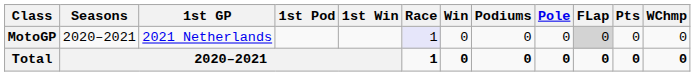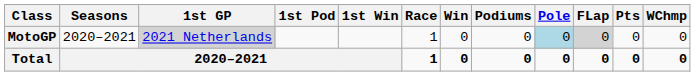 <table class="wikitable" style="font-size:100%; text-align:right;">
 <tr>
 <th>Class</th>
 <th>Seasons</th>
 <th>1st GP</th>
 <th>1st Pod</th>
 <th>1st Win</th>
 <th>Race</th>
 <th>Win</th>
 <th>Podiums</th>
 <th><a href='#'>Pole</a></th>
 <th>FLap</th>
 <th>Pts</th>
 <th>WChmp</th>
 </tr>
 <tr>
 <th>MotoGP</th>
 <td>2020–2021</td>
-<td style="text-align:left;"><a href='#'>2021 Netherlands</a></td>
+<td style="background: lightgrey; text-align:left;"><a href='#'>2021 Netherlands</a></td>
 <td></td>
 <td></td>
-<td style="background: lavender;">1</td>
+<td>1</td>
 <td>0</td>
 <td>0</td>
-<td>0</td>
+<td style="background: lightblue;">0</td>
 <td style="background: lightgrey;">0</td>
 <td>0</td>
 <td>0</td>
 </tr>
 <tr>
 <th>Total</th>
 <th colspan="4">2020–2021</th>
 <td><strong>1</strong></td>
 <td><strong>0</strong></td>
 <td><strong>0</strong></td>
 <td><strong>0</strong></td>
 <td><strong>0</strong></td>
 <td><strong>0</strong></td>
 <td><strong>0</strong></td>
 </tr>
 </table>
